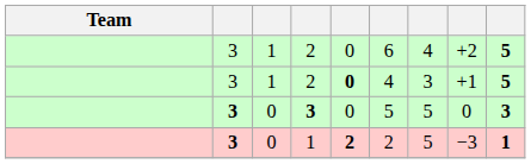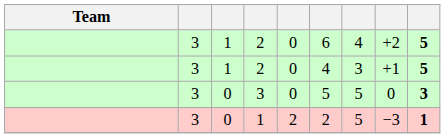 <table class=wikitable style="text-align:center">
 <tr>
 </tr>
 <tr>
 <th width="165">Team</th>
 <th width="25"></th>
 <th width="25"></th>
 <th width="25"></th>
 <th width="25"></th>
 <th width="25"></th>
 <th width="25"></th>
 <th width="25"></th>
 <th width="25"></th>
 </tr>
 <tr bgcolor=CCFFCC>
 <td align=left></td>
 <td>3</td>
 <td>1</td>
 <td>2</td>
 <td>0</td>
 <td>6</td>
 <td>4</td>
 <td>+2</td>
 <td><strong>5</strong></td>
 </tr>
 <tr bgcolor=CCFFCC>
 <td align=left></td>
 <td>3</td>
 <td>1</td>
 <td>2</td>
-<td><strong>0</strong></td>
+<td>0</td>
 <td>4</td>
 <td>3</td>
 <td>+1</td>
 <td><strong>5</strong></td>
 </tr>
 <tr bgcolor=CCFFCC>
 <td align=left></td>
-<td><strong>3</strong></td>
+<td>3</td>
 <td>0</td>
-<td><strong>3</strong></td>
+<td>3</td>
 <td>0</td>
 <td>5</td>
 <td>5</td>
 <td>0</td>
 <td><strong>3</strong></td>
 </tr>
 <tr bgcolor=FFCCCC>
 <td align=left></td>
-<td><strong>3</strong></td>
+<td>3</td>
 <td>0</td>
 <td>1</td>
-<td><strong>2</strong></td>
+<td>2</td>
 <td>2</td>
 <td>5</td>
 <td>−3</td>
 <td><strong>1</strong></td>
 </tr>
 <tr>
 </tr>
 </table>
